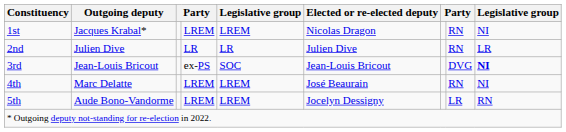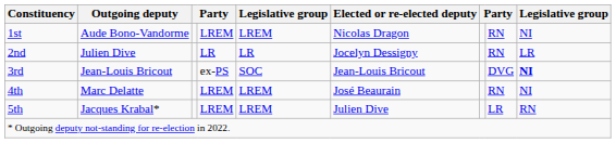 <table class="wikitable">
 <tr>
 <th>Constituency</th>
 <th>Outgoing deputy</th>
 <th colspan="2">Party</th>
 <th>Legislative group</th>
 <th>Elected or re-elected deputy</th>
 <th colspan="2">Party</th>
 <th>Legislative group</th>
 </tr>
 <tr>
 <td><a href='#'>1st</a></td>
-<td><a href='#'>Jacques Krabal</a>*</td>
+<td><a href='#'>Aude Bono-Vandorme</a></td>
 <td style="background:"></td>
 <td><a href='#'>LREM</a></td>
 <td><a href='#'>LREM</a></td>
 <td><a href='#'>Nicolas Dragon</a></td>
 <td style="background:"></td>
 <td><a href='#'>RN</a></td>
 <td><a href='#'>NI</a></td>
 </tr>
 <tr>
 <td><a href='#'>2nd</a></td>
 <td><a href='#'>Julien Dive</a></td>
 <td style="background:"></td>
 <td><a href='#'>LR</a></td>
 <td><a href='#'>LR</a></td>
-<td><a href='#'>Julien Dive</a></td>
+<td><a href='#'>Jocelyn Dessigny</a></td>
 <td style="background:"></td>
 <td><a href='#'>RN</a></td>
 <td><a href='#'>LR</a></td>
 </tr>
 <tr>
 <td><a href='#'>3rd</a></td>
 <td><a href='#'>Jean-Louis Bricout</a></td>
 <td style="background:"></td>
 <td>ex-<a href='#'>PS</a></td>
 <td><a href='#'>SOC</a></td>
 <td><a href='#'>Jean-Louis Bricout</a></td>
 <td style="background:"></td>
 <td><a href='#'>DVG</a></td>
 <td><strong><a href='#'>NI</a></strong></td>
 </tr>
 <tr>
 <td><a href='#'>4th</a></td>
 <td><a href='#'>Marc Delatte</a></td>
 <td style="background:"></td>
 <td><a href='#'>LREM</a></td>
 <td><a href='#'>LREM</a></td>
 <td><a href='#'>José Beaurain</a></td>
 <td style="background:"></td>
 <td><a href='#'>RN</a></td>
 <td><a href='#'>NI</a></td>
 </tr>
 <tr>
 <td><a href='#'>5th</a></td>
-<td><a href='#'>Aude Bono-Vandorme</a></td>
+<td><a href='#'>Jacques Krabal</a>*</td>
 <td style="background:"></td>
 <td><a href='#'>LREM</a></td>
 <td><a href='#'>LREM</a></td>
-<td><a href='#'>Jocelyn Dessigny</a></td>
+<td><a href='#'>Julien Dive</a></td>
 <td style="background:"></td>
 <td><a href='#'>LR</a></td>
 <td><a href='#'>RN</a></td>
 </tr>
 <tr>
 <td colspan="9"><small>* Outgoing <a href='#'>deputy not-standing for re-election</a> in 2022.</small></td>
 </tr>
 </table>
